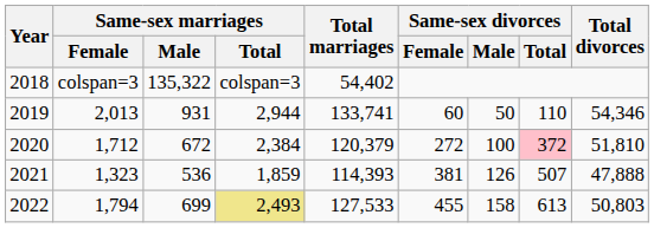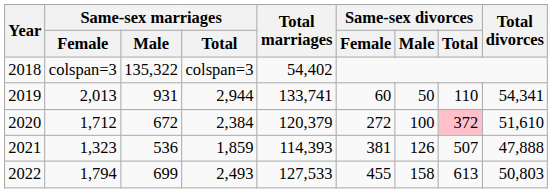 <table class=wikitable style="text-align:right;">
 <tr>
 <th rowspan=2>Year</th>
 <th colspan=3>Same-sex marriages</th>
 <th rowspan=2>Total<br>marriages</th>
 <th colspan=3>Same-sex divorces</th>
 <th rowspan=2>Total<br>divorces</th>
 </tr>
 <tr>
 <th>Female</th>
 <th>Male</th>
 <th>Total</th>
 <th>Female</th>
 <th>Male</th>
 <th>Total</th>
 </tr>
 <tr>
 <td align=center>2018</td>
 <td>colspan=3 </td>
 <td>135,322</td>
 <td>colspan=3 </td>
 <td>54,402</td>
 </tr>
 <tr>
 <td align=center>2019</td>
 <td>2,013</td>
 <td>931</td>
 <td>2,944</td>
 <td>133,741</td>
 <td>60</td>
 <td>50</td>
 <td>110</td>
-<td>54,346</td>
+<td>54,341</td>
 </tr>
 <tr>
 <td align=center>2020</td>
 <td>1,712</td>
 <td>672</td>
 <td>2,384</td>
 <td>120,379</td>
 <td>272</td>
 <td>100</td>
 <td style="background: pink;">372</td>
-<td>51,810</td>
+<td>51,610</td>
 </tr>
 <tr>
 <td align=center>2021</td>
 <td>1,323</td>
 <td>536</td>
 <td>1,859</td>
 <td>114,393</td>
 <td>381</td>
 <td>126</td>
 <td>507</td>
 <td>47,888</td>
 </tr>
 <tr>
 <td align=center>2022</td>
 <td>1,794</td>
 <td>699</td>
-<td style="background: khaki;">2,493</td>
+<td>2,493</td>
 <td>127,533</td>
 <td>455</td>
 <td>158</td>
 <td>613</td>
 <td>50,803</td>
 </tr>
 </table>
